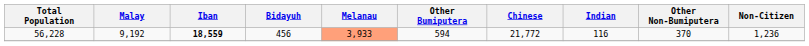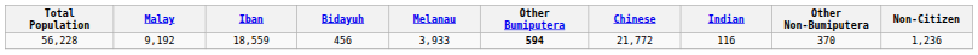 <table class="wikitable" style="text-align:center">
 <tr>
 <th style="width:5%">Total <br>Population</th>
 <th style="width:5%"><a href='#'>Malay</a></th>
 <th style="width:5%"><a href='#'>Iban</a></th>
 <th style="width:5%"><a href='#'>Bidayuh</a></th>
 <th style="width:5%"><a href='#'>Melanau</a></th>
 <th style="width:5%">Other <br><a href='#'>Bumiputera</a></th>
 <th style="width:5%"><a href='#'>Chinese</a></th>
 <th style="width:5%"><a href='#'>Indian</a></th>
 <th style="width:5%">Other <br>Non-Bumiputera</th>
 <th style="width:5%">Non-Citizen</th>
 </tr>
 <tr>
 <td>56,228</td>
 <td>9,192</td>
-<td><strong>18,559</strong></td>
+<td>18,559</td>
 <td>456</td>
-<td style="background: lightsalmon;">3,933</td>
-<td>594</td>
+<td>3,933</td>
+<td><strong>594</strong></td>
 <td>21,772</td>
 <td>116</td>
 <td>370</td>
 <td>1,236</td>
 </tr>
 <tr>
 </tr>
 </table>
